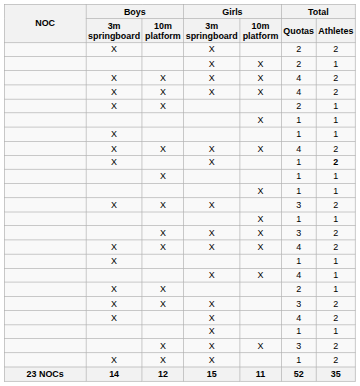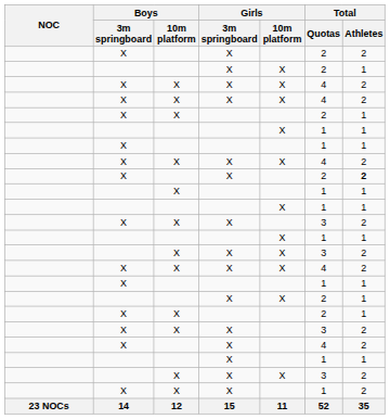 <table class="wikitable" style="text-align:center; font-size:90%">
 <tr>
 <th rowspan=2 width=125 align=left>NOC</th>
 <th colspan=2>Boys</th>
 <th colspan=2>Girls</th>
 <th colspan=2>Total</th>
 </tr>
 <tr>
 <th width=60>3m springboard</th>
 <th width=60>10m platform</th>
 <th width=60>3m springboard</th>
 <th width=60>10m platform</th>
 <th><strong>Quotas</strong></th>
 <th><strong>Athletes</strong></th>
 </tr>
 <tr>
 <td align=left></td>
 <td>X</td>
 <td></td>
 <td>X</td>
 <td></td>
 <td>2</td>
 <td>2</td>
 </tr>
 <tr>
 <td align=left></td>
 <td></td>
 <td></td>
 <td>X</td>
 <td>X</td>
 <td>2</td>
 <td>1</td>
 </tr>
 <tr>
 <td align=left></td>
 <td>X</td>
 <td>X</td>
 <td>X</td>
 <td>X</td>
 <td>4</td>
 <td>2</td>
 </tr>
 <tr>
 <td align=left></td>
 <td>X</td>
 <td>X</td>
 <td>X</td>
 <td>X</td>
 <td>4</td>
 <td>2</td>
 </tr>
 <tr>
 <td align=left></td>
 <td>X</td>
 <td>X</td>
 <td></td>
 <td></td>
 <td>2</td>
 <td>1</td>
 </tr>
 <tr>
 <td align=left></td>
 <td></td>
 <td></td>
 <td></td>
 <td>X</td>
 <td>1</td>
 <td>1</td>
 </tr>
 <tr>
 <td align=left></td>
 <td>X</td>
 <td></td>
 <td></td>
 <td></td>
 <td>1</td>
 <td>1</td>
 </tr>
 <tr>
 <td align=left></td>
 <td>X</td>
 <td>X</td>
 <td>X</td>
 <td>X</td>
 <td>4</td>
 <td>2</td>
 </tr>
 <tr>
 <td align=left></td>
 <td>X</td>
 <td></td>
 <td>X</td>
 <td></td>
-<td>1</td>
+<td>2</td>
 <td><strong>2</strong></td>
 </tr>
 <tr>
 <td align=left></td>
 <td></td>
 <td>X</td>
 <td></td>
 <td></td>
 <td>1</td>
 <td>1</td>
 </tr>
 <tr>
 <td align=left></td>
 <td></td>
 <td></td>
 <td></td>
 <td>X</td>
 <td>1</td>
 <td>1</td>
 </tr>
 <tr>
 <td align=left></td>
 <td>X</td>
 <td>X</td>
 <td>X</td>
 <td></td>
 <td>3</td>
 <td>2</td>
 </tr>
 <tr>
 <td align=left></td>
 <td></td>
 <td></td>
 <td></td>
 <td>X</td>
 <td>1</td>
 <td>1</td>
 </tr>
 <tr>
 <td align=left></td>
 <td></td>
 <td>X</td>
 <td>X</td>
 <td>X</td>
 <td>3</td>
 <td>2</td>
 </tr>
 <tr>
 <td align=left></td>
 <td>X</td>
 <td>X</td>
 <td>X</td>
 <td>X</td>
 <td>4</td>
 <td>2</td>
 </tr>
 <tr>
 <td align=left></td>
 <td>X</td>
 <td></td>
 <td></td>
 <td></td>
 <td>1</td>
 <td>1</td>
 </tr>
 <tr>
 <td align=left></td>
 <td></td>
 <td></td>
 <td>X</td>
 <td>X</td>
-<td>4</td>
+<td>2</td>
 <td>1</td>
 </tr>
 <tr>
 <td align=left></td>
 <td>X</td>
 <td>X</td>
 <td></td>
 <td></td>
 <td>2</td>
 <td>1</td>
 </tr>
 <tr>
 <td align=left></td>
 <td>X</td>
 <td>X</td>
 <td>X</td>
 <td></td>
 <td>3</td>
 <td>2</td>
 </tr>
 <tr>
 <td align=left></td>
 <td>X</td>
 <td></td>
 <td>X</td>
 <td></td>
 <td>4</td>
 <td>2</td>
 </tr>
 <tr>
 <td align=left></td>
 <td></td>
 <td></td>
 <td>X</td>
 <td></td>
 <td>1</td>
 <td>1</td>
 </tr>
 <tr>
 <td align=left></td>
 <td></td>
 <td>X</td>
 <td>X</td>
 <td>X</td>
 <td>3</td>
 <td>2</td>
 </tr>
 <tr>
 <td align=left></td>
 <td>X</td>
 <td>X</td>
 <td>X</td>
 <td></td>
 <td>1</td>
 <td>2</td>
 </tr>
 <tr>
 <th>23 NOCs</th>
 <th>14</th>
 <th>12</th>
 <th>15</th>
 <th>11</th>
 <th>52</th>
 <th>35</th>
 </tr>
 </table>
